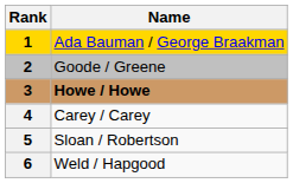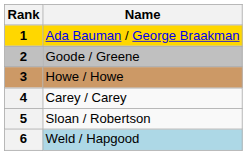 <table class="wikitable">
 <tr>
 <th>Rank</th>
 <th>Name</th>
 </tr>
 <tr bgcolor="gold">
 <td align="center"><strong>1</strong></td>
 <td><a href='#'>Ada Bauman</a> / <a href='#'>George Braakman</a></td>
 </tr>
 <tr bgcolor="silver">
 <td align="center"><strong>2</strong></td>
 <td>Goode / Greene</td>
 </tr>
 <tr bgcolor="cc9966">
 <td align="center"><strong>3</strong></td>
-<td><strong>Howe / Howe</strong></td>
+<td>Howe / Howe</td>
 </tr>
 <tr>
 <th>4</th>
 <td>Carey / Carey</td>
 </tr>
 <tr>
 <th>5</th>
 <td>Sloan / Robertson</td>
 </tr>
 <tr>
 <th>6</th>
-<td>Weld / Hapgood</td>
+<td style="background: lightblue;">Weld / Hapgood</td>
 </tr>
 </table>
